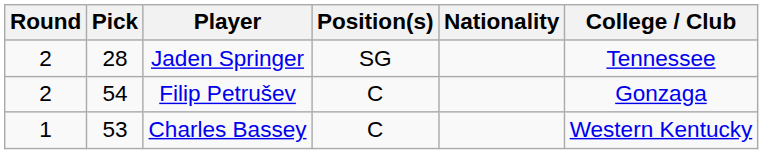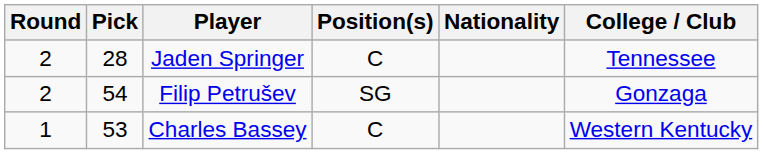 <table class="wikitable sortable sortable">
 <tr>
 <th>Round</th>
 <th>Pick</th>
 <th>Player</th>
 <th>Position(s)</th>
 <th>Nationality</th>
 <th>College / Club</th>
 </tr>
 <tr style="text-align: center">
 <td>2</td>
 <td>28</td>
 <td><a href='#'>Jaden Springer</a></td>
-<td>SG</td>
+<td>C</td>
 <td></td>
 <td><a href='#'>Tennessee</a></td>
 </tr>
 <tr style="text-align: center">
 <td>2</td>
 <td>54</td>
 <td><a href='#'>Filip Petrušev</a></td>
-<td>C</td>
+<td>SG</td>
 <td></td>
 <td><a href='#'>Gonzaga</a></td>
 </tr>
 <tr style="text-align: center">
 <td>1</td>
 <td>53</td>
 <td><a href='#'>Charles Bassey</a></td>
 <td>C</td>
 <td></td>
 <td><a href='#'>Western Kentucky</a></td>
 </tr>
 </table>
